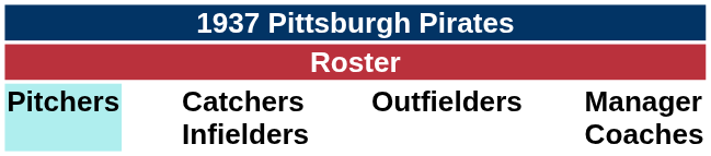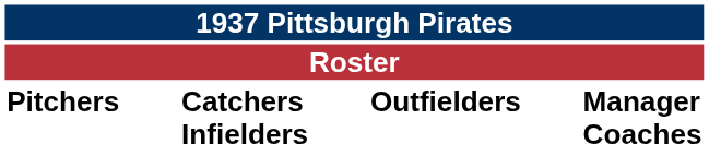 <table class="toccolours" style="font-size: 95%;">
 <tr>
 <th colspan="10" style="background-color: #023465; color: white; text-align: center;">1937 Pittsburgh Pirates</th>
 </tr>
 <tr>
 <td colspan="10" style="background-color: #ba313c; color: white; text-align: center;"><strong>Roster</strong></td>
 </tr>
 <tr>
-<td valign="top" style="background: paleturquoise;"><strong>Pitchers</strong><br>          </td>
+<td valign="top"><strong>Pitchers</strong><br>          </td>
 <td width="25px"></td>
 <td valign="top"><strong>Catchers</strong><br>   <strong>Infielders</strong>       </td>
 <td width="25px"></td>
 <td valign="top"><strong>Outfielders</strong><br>    </td>
 <td width="25px"></td>
 <td valign="top"><strong>Manager</strong><br> <strong>Coaches</strong>   </td>
 </tr>
 </table>
